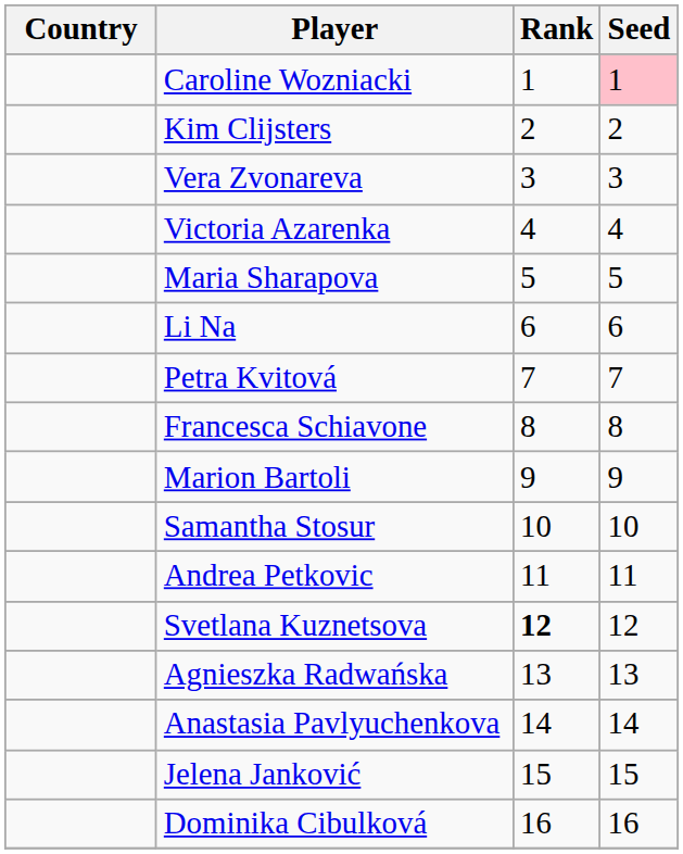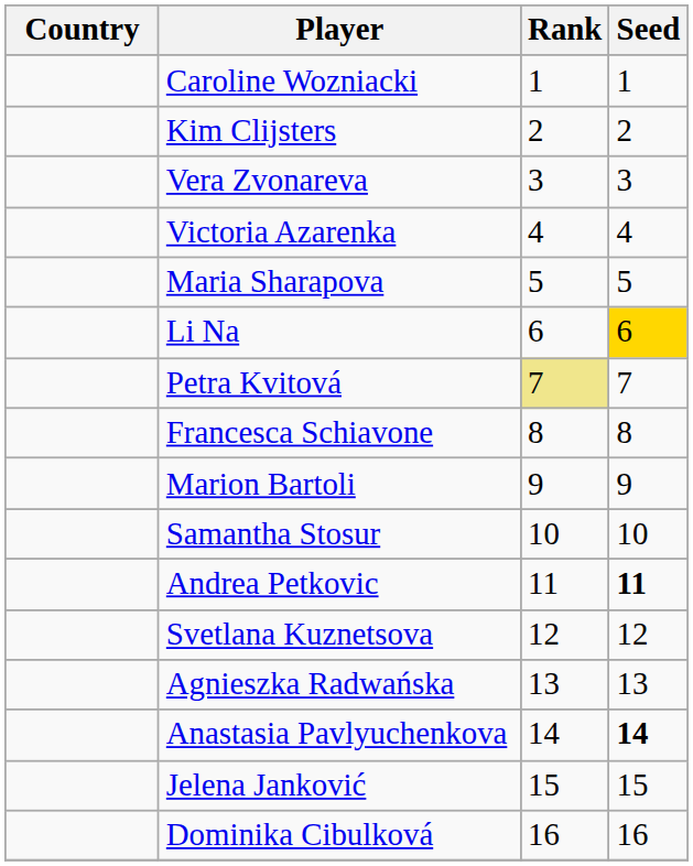 <table class="wikitable" border="1">
 <tr>
 <th width="70">Country</th>
 <th width="175">Player</th>
 <th>Rank</th>
 <th>Seed</th>
 </tr>
 <tr>
 <td></td>
 <td><a href='#'>Caroline Wozniacki</a></td>
 <td>1</td>
-<td style="background: pink;">1</td>
+<td>1</td>
 </tr>
 <tr>
 <td></td>
 <td><a href='#'>Kim Clijsters</a></td>
 <td>2</td>
 <td>2</td>
 </tr>
 <tr>
 <td></td>
 <td><a href='#'>Vera Zvonareva</a></td>
 <td>3</td>
 <td>3</td>
 </tr>
 <tr>
 <td></td>
 <td><a href='#'>Victoria Azarenka</a></td>
 <td>4</td>
 <td>4</td>
 </tr>
 <tr>
 <td></td>
 <td><a href='#'>Maria Sharapova</a></td>
 <td>5</td>
 <td>5</td>
 </tr>
 <tr>
 <td></td>
 <td><a href='#'>Li Na</a></td>
 <td>6</td>
-<td>6</td>
+<td style="background: gold;">6</td>
 </tr>
 <tr>
 <td></td>
 <td><a href='#'>Petra Kvitová</a></td>
-<td>7</td>
+<td style="background: khaki;">7</td>
 <td>7</td>
 </tr>
 <tr>
 <td></td>
 <td><a href='#'>Francesca Schiavone</a></td>
 <td>8</td>
 <td>8</td>
 </tr>
 <tr>
 <td></td>
 <td><a href='#'>Marion Bartoli</a></td>
 <td>9</td>
 <td>9</td>
 </tr>
 <tr>
 <td></td>
 <td><a href='#'>Samantha Stosur</a></td>
 <td>10</td>
 <td>10</td>
 </tr>
 <tr>
 <td></td>
 <td><a href='#'>Andrea Petkovic</a></td>
 <td>11</td>
-<td>11</td>
+<td><strong>11</strong></td>
 </tr>
 <tr>
 <td></td>
 <td><a href='#'>Svetlana Kuznetsova</a></td>
-<td><strong>12</strong></td>
+<td>12</td>
 <td>12</td>
 </tr>
 <tr>
 <td></td>
 <td><a href='#'>Agnieszka Radwańska</a></td>
 <td>13</td>
 <td>13</td>
 </tr>
 <tr>
 <td></td>
 <td><a href='#'>Anastasia Pavlyuchenkova</a></td>
 <td>14</td>
-<td>14</td>
+<td><strong>14</strong></td>
 </tr>
 <tr>
 <td></td>
 <td><a href='#'>Jelena Janković</a></td>
 <td>15</td>
 <td>15</td>
 </tr>
 <tr>
 <td></td>
 <td><a href='#'>Dominika Cibulková</a></td>
 <td>16</td>
 <td>16</td>
 </tr>
 <tr>
 </tr>
 </table>
